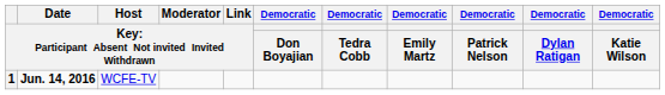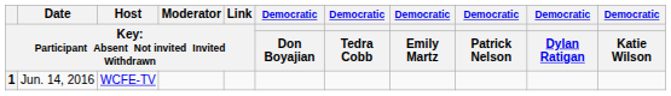 <table class="wikitable" style="text-align:center;">
 <tr>
 <th scope="col"></th>
 <th scope="col">Date</th>
 <th scope="col">Host</th>
 <th scope="col">Moderator</th>
 <th scope="col">Link</th>
 <th scope="col"><small><a href='#'>Democratic</a></small></th>
 <th scope="col"><small><a href='#'>Democratic</a></small></th>
 <th scope="col"><small><a href='#'>Democratic</a></small></th>
 <th scope="col"><small><a href='#'>Democratic</a></small></th>
 <th scope="col"><small><a href='#'>Democratic</a></small></th>
 <th scope="col"><small><a href='#'>Democratic</a></small></th>
 </tr>
 <tr>
 <th colspan="5" rowspan="2">Key:<br> <small>Participant </small>  <small>Absent </small>  <small>Not invited </small>  <small>Invited  Withdrawn</small></th>
 <th scope="col" style="background:"></th>
 <th scope="col" style="background:"></th>
 <th scope="col" style="background:"></th>
 <th scope="col" style="background:"></th>
 <th scope="col" style="background:"></th>
 <th scope="col" style="background:"></th>
 </tr>
 <tr>
 <th scope="col">Don Boyajian</th>
 <th scope="col">Tedra Cobb</th>
 <th scope="col">Emily Martz</th>
 <th scope="col">Patrick Nelson</th>
 <th scope="col"><a href='#'>Dylan Ratigan</a></th>
 <th scope="col">Katie Wilson</th>
 </tr>
 <tr>
 <th>1</th>
-<td style="white-space:nowrap;"><strong>Jun. 14, 2016</strong></td>
+<td style="white-space:nowrap;">Jun. 14, 2016</td>
 <td style="white-space:nowrap;"><a href='#'>WCFE-TV</a></td>
 <td style="white-space:nowrap;"></td>
 <td style="white-space:nowrap;"></td>
 <td></td>
 <td></td>
 <td></td>
 <td></td>
 <td></td>
 <td></td>
 </tr>
 </table>
